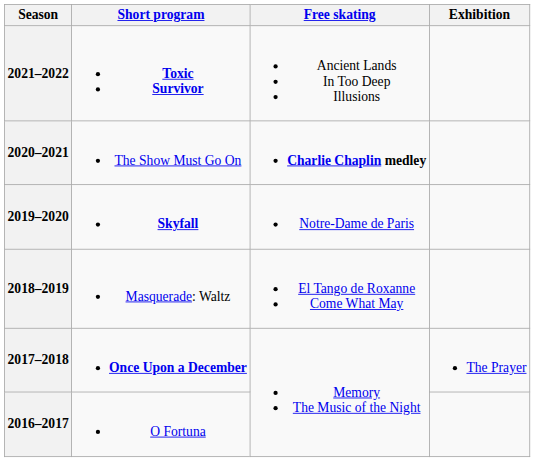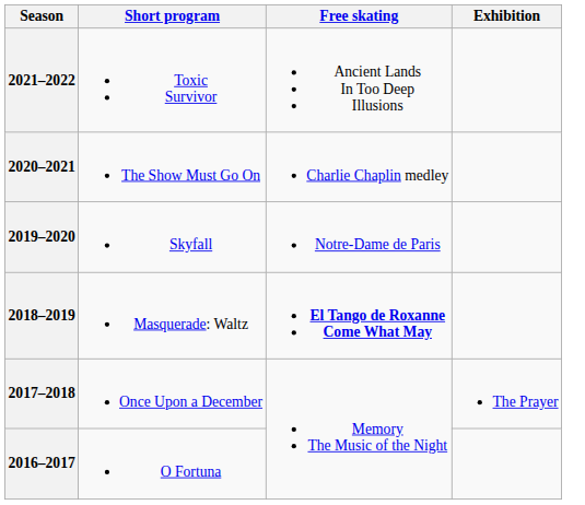 <table class=wikitable style=text-align:center>
 <tr>
 <th>Season</th>
 <th><a href='#'>Short program</a></th>
 <th><a href='#'>Free skating</a></th>
 <th>Exhibition</th>
 </tr>
 <tr>
 <th>2021–2022 <br> </th>
-<td><strong><br><ul><li><a href='#'>Toxic</a></li><li><a href='#'>Survivor</a> <br></li></ul></strong></td>
+<td><br><ul><li><a href='#'>Toxic</a></li><li><a href='#'>Survivor</a> <br></li></ul></td>
 <td><br><ul><li>Ancient Lands <br> </li><li>In Too Deep</li><li>Illusions <br> </li></ul></td>
 <td></td>
 </tr>
 <tr>
 <th>2020–2021 <br> </th>
 <td><br><ul><li><a href='#'>The Show Must Go On</a> <br></li></ul></td>
-<td><strong><br><ul><li><a href='#'>Charlie Chaplin</a> medley</li></ul></strong></td>
+<td><br><ul><li><a href='#'>Charlie Chaplin</a> medley</li></ul></td>
 <td></td>
 </tr>
 <tr>
 <th>2019–2020 <br> </th>
-<td><strong><br><ul><li><a href='#'>Skyfall</a> <br></li></ul></strong></td>
+<td><br><ul><li><a href='#'>Skyfall</a> <br></li></ul></td>
 <td><br><ul><li><a href='#'>Notre-Dame de Paris</a> <br> </li></ul></td>
 <td></td>
 </tr>
 <tr>
 <th>2018–2019 <br> </th>
 <td><br><ul><li><a href='#'>Masquerade</a>: Waltz <br></li></ul></td>
-<td><br><ul><li><a href='#'>El Tango de Roxanne</a></li><li><a href='#'>Come What May</a> <br> </li></ul></td>
+<td><strong><br><ul><li><a href='#'>El Tango de Roxanne</a></li><li><a href='#'>Come What May</a> <br> </li></ul></strong></td>
 <td></td>
 </tr>
 <tr>
 <th>2017–2018 <br> </th>
-<td><strong><br><ul><li><a href='#'>Once Upon a December</a> <br></li></ul></strong></td>
+<td><br><ul><li><a href='#'>Once Upon a December</a> <br></li></ul></td>
 <td rowspan= 2><br><ul><li><a href='#'>Memory</a> <br></li><li><a href='#'>The Music of the Night</a> <br></li></ul></td>
 <td><br><ul><li><a href='#'>The Prayer</a> <br></li></ul></td>
 </tr>
 <tr>
 <th>2016–2017 <br> </th>
 <td><br><ul><li><a href='#'>O Fortuna</a> <br></li></ul></td>
 <td></td>
 </tr>
 </table>
